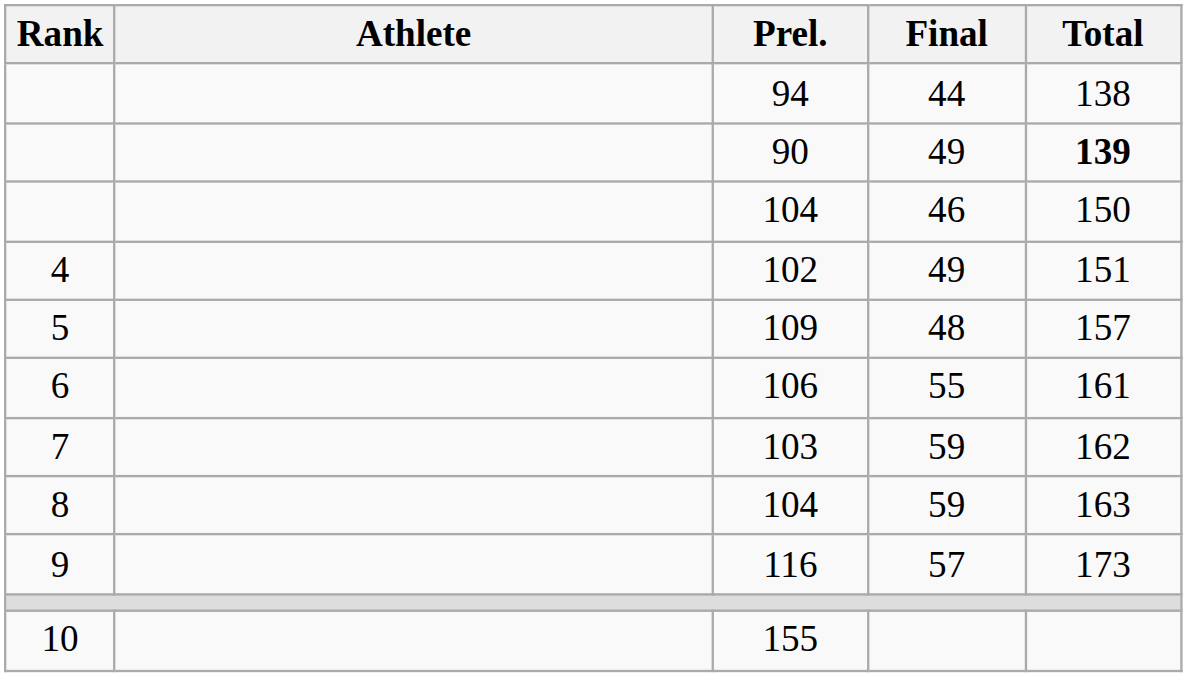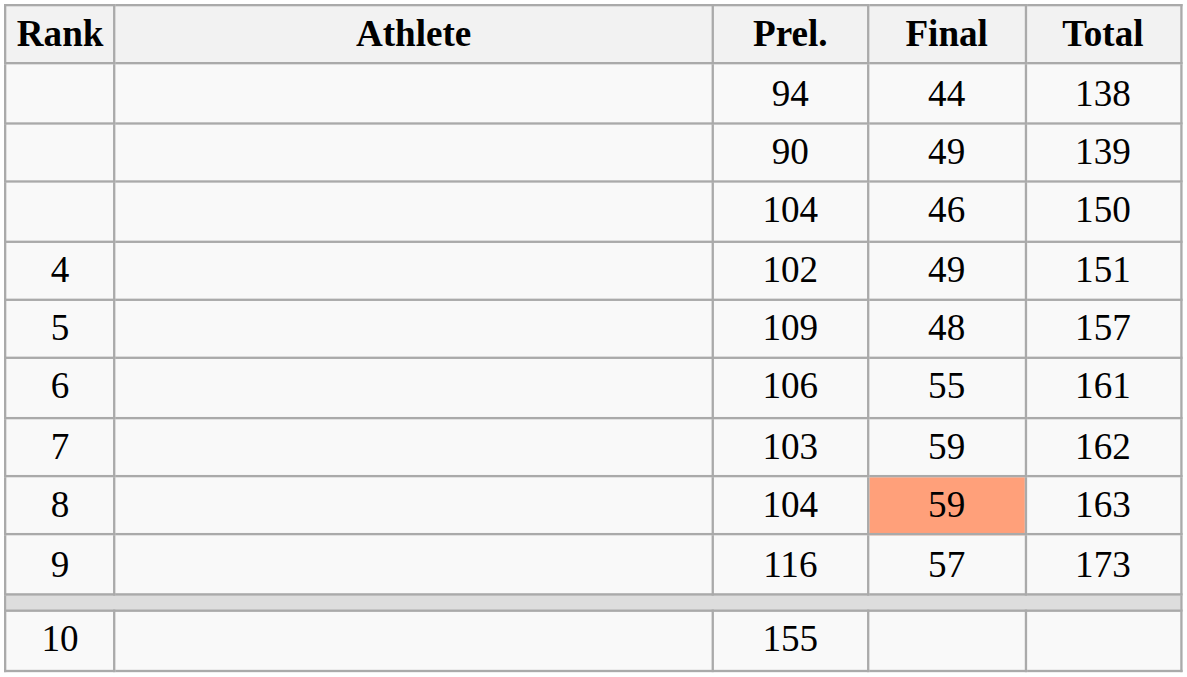 <table class=wikitable style="text-align:center">
 <tr>
 <th width=40>Rank</th>
 <th width=250>Athlete</th>
 <th width=60>Prel.</th>
 <th width=60>Final</th>
 <th width=60>Total</th>
 </tr>
 <tr>
 <td></td>
 <td align=left></td>
 <td>94</td>
 <td>44</td>
 <td>138</td>
 </tr>
 <tr>
 <td></td>
 <td align=left></td>
 <td>90</td>
 <td>49</td>
-<td><strong>139</strong></td>
+<td>139</td>
 </tr>
 <tr>
 <td></td>
 <td align=left></td>
 <td>104</td>
 <td>46</td>
 <td>150</td>
 </tr>
 <tr>
 <td>4</td>
 <td align=left></td>
 <td>102</td>
 <td>49</td>
 <td>151</td>
 </tr>
 <tr>
 <td>5</td>
 <td align=left></td>
 <td>109</td>
 <td>48</td>
 <td>157</td>
 </tr>
 <tr>
 <td>6</td>
 <td align=left></td>
 <td>106</td>
 <td>55</td>
 <td>161</td>
 </tr>
 <tr>
 <td>7</td>
 <td align=left></td>
 <td>103</td>
 <td>59</td>
 <td>162</td>
 </tr>
 <tr>
 <td>8</td>
 <td align=left></td>
 <td>104</td>
-<td>59</td>
+<td style="background: lightsalmon;">59</td>
 <td>163</td>
 </tr>
 <tr>
 <td>9</td>
 <td align=left></td>
 <td>116</td>
 <td>57</td>
 <td>173</td>
 </tr>
 <tr bgcolor=#DDDDDD>
 <td colspan=5></td>
 </tr>
 <tr>
 <td>10</td>
 <td align=left></td>
 <td>155</td>
 <td></td>
 <td></td>
 </tr>
 </table>
